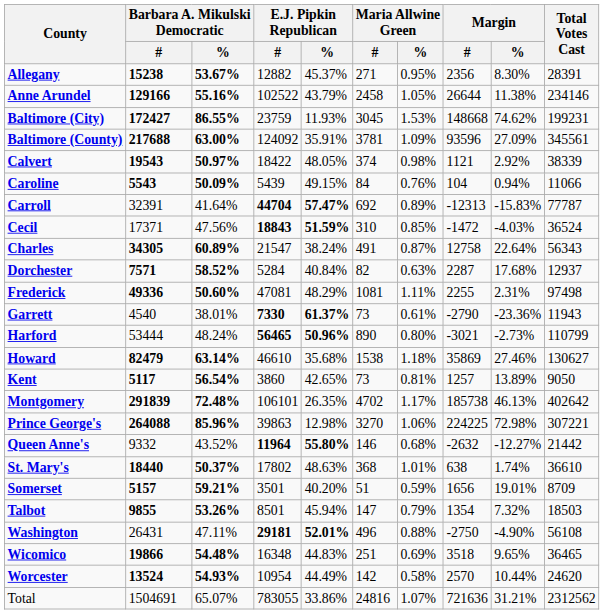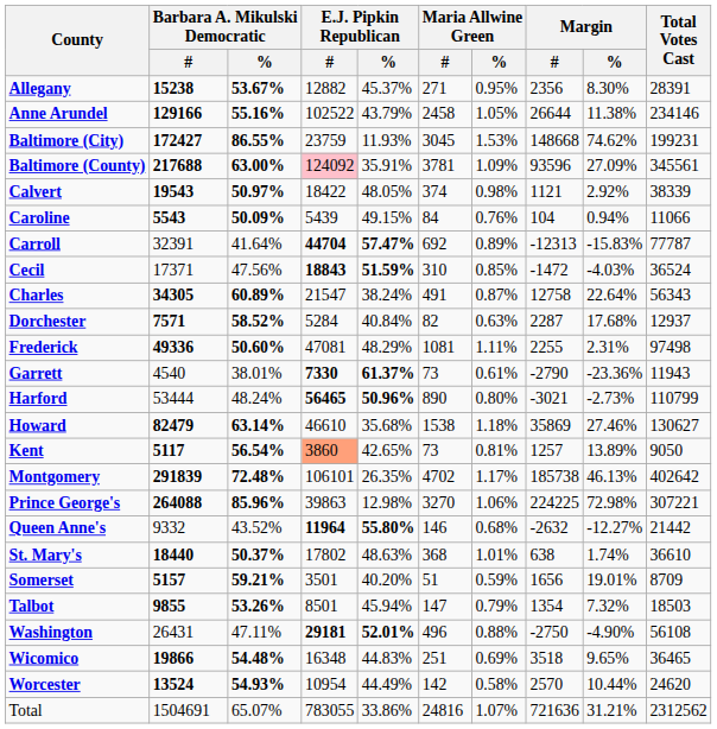 <table class="wikitable sortable">
 <tr>
 <th rowspan="2">County</th>
 <th colspan="2" >Barbara A. Mikulski<br>Democratic</th>
 <th colspan="2" >E.J. Pipkin<br>Republican</th>
 <th colspan="2" >Maria Allwine<br>Green</th>
 <th colspan="2">Margin</th>
 <th rowspan="2">Total<br>Votes<br>Cast</th>
 </tr>
 <tr>
 <th>#</th>
 <th>%</th>
 <th>#</th>
 <th>%</th>
 <th>#</th>
 <th>%</th>
 <th>#</th>
 <th>%</th>
 </tr>
 <tr>
 <td><strong><a href='#'>Allegany</a></strong></td>
 <td><strong>15238</strong></td>
 <td><strong>53.67%</strong></td>
 <td>12882</td>
 <td>45.37%</td>
 <td>271</td>
 <td>0.95%</td>
 <td>2356</td>
 <td>8.30%</td>
 <td>28391</td>
 </tr>
 <tr>
 <td><strong><a href='#'>Anne Arundel</a></strong></td>
 <td><strong>129166</strong></td>
 <td><strong>55.16%</strong></td>
 <td>102522</td>
 <td>43.79%</td>
 <td>2458</td>
 <td>1.05%</td>
 <td>26644</td>
 <td>11.38%</td>
 <td>234146</td>
 </tr>
 <tr>
 <td><strong><a href='#'>Baltimore (City)</a></strong></td>
 <td><strong>172427</strong></td>
 <td><strong>86.55%</strong></td>
 <td>23759</td>
 <td>11.93%</td>
 <td>3045</td>
 <td>1.53%</td>
 <td>148668</td>
 <td>74.62%</td>
 <td>199231</td>
 </tr>
 <tr>
 <td><strong><a href='#'>Baltimore (County)</a></strong></td>
 <td><strong>217688</strong></td>
 <td><strong>63.00%</strong></td>
-<td>124092</td>
+<td style="background: pink;">124092</td>
 <td>35.91%</td>
 <td>3781</td>
 <td>1.09%</td>
 <td>93596</td>
 <td>27.09%</td>
 <td>345561</td>
 </tr>
 <tr>
 <td><strong><a href='#'>Calvert</a></strong></td>
 <td><strong>19543</strong></td>
 <td><strong>50.97%</strong></td>
 <td>18422</td>
 <td>48.05%</td>
 <td>374</td>
 <td>0.98%</td>
 <td>1121</td>
 <td>2.92%</td>
 <td>38339</td>
 </tr>
 <tr>
 <td><strong><a href='#'>Caroline</a></strong></td>
 <td><strong>5543</strong></td>
 <td><strong>50.09%</strong></td>
 <td>5439</td>
 <td>49.15%</td>
 <td>84</td>
 <td>0.76%</td>
 <td>104</td>
 <td>0.94%</td>
 <td>11066</td>
 </tr>
 <tr>
 <td><strong><a href='#'>Carroll</a></strong></td>
 <td>32391</td>
 <td>41.64%</td>
 <td><strong>44704</strong></td>
 <td><strong>57.47%</strong></td>
 <td>692</td>
 <td>0.89%</td>
 <td>-12313</td>
 <td>-15.83%</td>
 <td>77787</td>
 </tr>
 <tr>
 <td><strong><a href='#'>Cecil</a></strong></td>
 <td>17371</td>
 <td>47.56%</td>
 <td><strong>18843</strong></td>
 <td><strong>51.59%</strong></td>
 <td>310</td>
 <td>0.85%</td>
 <td>-1472</td>
 <td>-4.03%</td>
 <td>36524</td>
 </tr>
 <tr>
 <td><strong><a href='#'>Charles</a></strong></td>
 <td><strong>34305</strong></td>
 <td><strong>60.89%</strong></td>
 <td>21547</td>
 <td>38.24%</td>
 <td>491</td>
 <td>0.87%</td>
 <td>12758</td>
 <td>22.64%</td>
 <td>56343</td>
 </tr>
 <tr>
 <td><strong><a href='#'>Dorchester</a></strong></td>
 <td><strong>7571</strong></td>
 <td><strong>58.52%</strong></td>
 <td>5284</td>
 <td>40.84%</td>
 <td>82</td>
 <td>0.63%</td>
 <td>2287</td>
 <td>17.68%</td>
 <td>12937</td>
 </tr>
 <tr>
 <td><strong><a href='#'>Frederick</a></strong></td>
 <td><strong>49336</strong></td>
 <td><strong>50.60%</strong></td>
 <td>47081</td>
 <td>48.29%</td>
 <td>1081</td>
 <td>1.11%</td>
 <td>2255</td>
 <td>2.31%</td>
 <td>97498</td>
 </tr>
 <tr>
 <td><strong><a href='#'>Garrett</a></strong></td>
 <td>4540</td>
 <td>38.01%</td>
 <td><strong>7330</strong></td>
 <td><strong>61.37%</strong></td>
 <td>73</td>
 <td>0.61%</td>
 <td>-2790</td>
 <td>-23.36%</td>
 <td>11943</td>
 </tr>
 <tr>
 <td><strong><a href='#'>Harford</a></strong></td>
 <td>53444</td>
 <td>48.24%</td>
 <td><strong>56465</strong></td>
 <td><strong>50.96%</strong></td>
 <td>890</td>
 <td>0.80%</td>
 <td>-3021</td>
 <td>-2.73%</td>
 <td>110799</td>
 </tr>
 <tr>
 <td><strong><a href='#'>Howard</a></strong></td>
 <td><strong>82479</strong></td>
 <td><strong>63.14%</strong></td>
 <td>46610</td>
 <td>35.68%</td>
 <td>1538</td>
 <td>1.18%</td>
 <td>35869</td>
 <td>27.46%</td>
 <td>130627</td>
 </tr>
 <tr>
 <td><strong><a href='#'>Kent</a></strong></td>
 <td><strong>5117</strong></td>
 <td><strong>56.54%</strong></td>
-<td>3860</td>
+<td style="background: lightsalmon;">3860</td>
 <td>42.65%</td>
 <td>73</td>
 <td>0.81%</td>
 <td>1257</td>
 <td>13.89%</td>
 <td>9050</td>
 </tr>
 <tr>
 <td><strong><a href='#'>Montgomery</a></strong></td>
 <td><strong>291839</strong></td>
 <td><strong>72.48%</strong></td>
 <td>106101</td>
 <td>26.35%</td>
 <td>4702</td>
 <td>1.17%</td>
 <td>185738</td>
 <td>46.13%</td>
 <td>402642</td>
 </tr>
 <tr>
 <td><strong><a href='#'>Prince George's</a></strong></td>
 <td><strong>264088</strong></td>
 <td><strong>85.96%</strong></td>
 <td>39863</td>
 <td>12.98%</td>
 <td>3270</td>
 <td>1.06%</td>
 <td>224225</td>
 <td>72.98%</td>
 <td>307221</td>
 </tr>
 <tr>
 <td><strong><a href='#'>Queen Anne's</a></strong></td>
 <td>9332</td>
 <td>43.52%</td>
 <td><strong>11964</strong></td>
 <td><strong>55.80%</strong></td>
 <td>146</td>
 <td>0.68%</td>
 <td>-2632</td>
 <td>-12.27%</td>
 <td>21442</td>
 </tr>
 <tr>
 <td><strong><a href='#'>St. Mary's</a></strong></td>
 <td><strong>18440</strong></td>
 <td><strong>50.37%</strong></td>
 <td>17802</td>
 <td>48.63%</td>
 <td>368</td>
 <td>1.01%</td>
 <td>638</td>
 <td>1.74%</td>
 <td>36610</td>
 </tr>
 <tr>
 <td><strong><a href='#'>Somerset</a></strong></td>
 <td><strong>5157</strong></td>
 <td><strong>59.21%</strong></td>
 <td>3501</td>
 <td>40.20%</td>
 <td>51</td>
 <td>0.59%</td>
 <td>1656</td>
 <td>19.01%</td>
 <td>8709</td>
 </tr>
 <tr>
 <td><strong><a href='#'>Talbot</a></strong></td>
 <td><strong>9855</strong></td>
 <td><strong>53.26%</strong></td>
 <td>8501</td>
 <td>45.94%</td>
 <td>147</td>
 <td>0.79%</td>
 <td>1354</td>
 <td>7.32%</td>
 <td>18503</td>
 </tr>
 <tr>
 <td><strong><a href='#'>Washington</a></strong></td>
 <td>26431</td>
 <td>47.11%</td>
 <td><strong>29181</strong></td>
 <td><strong>52.01%</strong></td>
 <td>496</td>
 <td>0.88%</td>
 <td>-2750</td>
 <td>-4.90%</td>
 <td>56108</td>
 </tr>
 <tr>
 <td><strong><a href='#'>Wicomico</a></strong></td>
 <td><strong>19866</strong></td>
 <td><strong>54.48%</strong></td>
 <td>16348</td>
 <td>44.83%</td>
 <td>251</td>
 <td>0.69%</td>
 <td>3518</td>
 <td>9.65%</td>
 <td>36465</td>
 </tr>
 <tr>
 <td><strong><a href='#'>Worcester</a></strong></td>
 <td><strong>13524</strong></td>
 <td><strong>54.93%</strong></td>
 <td>10954</td>
 <td>44.49%</td>
 <td>142</td>
 <td>0.58%</td>
 <td>2570</td>
 <td>10.44%</td>
 <td>24620</td>
 </tr>
 <tr>
 <td>Total</td>
 <td>1504691</td>
 <td>65.07%</td>
 <td>783055</td>
 <td>33.86%</td>
 <td>24816</td>
 <td>1.07%</td>
 <td>721636</td>
 <td>31.21%</td>
 <td>2312562</td>
 </tr>
 </table>
